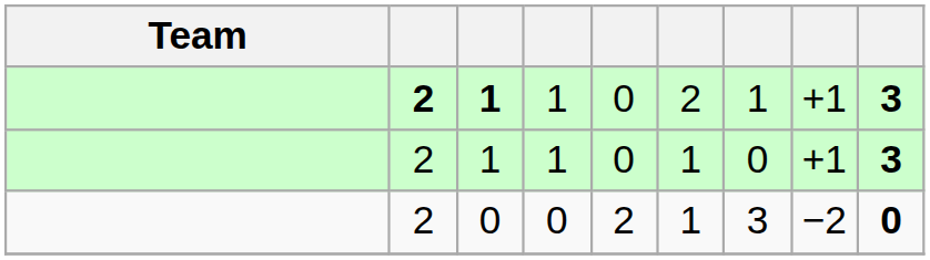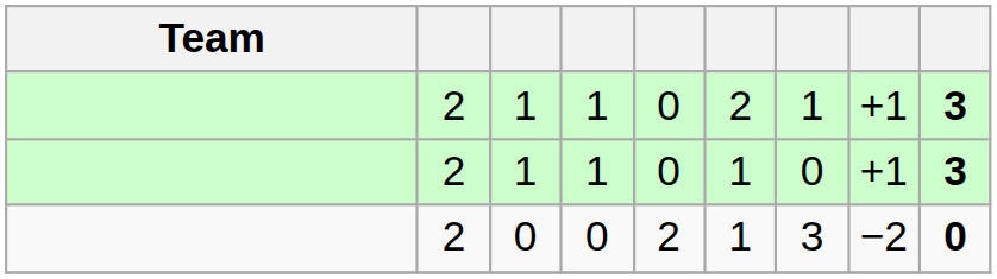 <table class="wikitable" style="text-align:center;">
 <tr>
 <th width=150>Team</th>
 <th width=20></th>
 <th width=20></th>
 <th width=20></th>
 <th width=20></th>
 <th width=20></th>
 <th width=20></th>
 <th width=20></th>
 <th width=20></th>
 </tr>
 <tr bgcolor="#ccffcc">
 <td align=left></td>
-<td><strong>2</strong></td>
-<td><strong>1</strong></td>
+<td>2</td>
+<td>1</td>
 <td>1</td>
 <td>0</td>
 <td>2</td>
 <td>1</td>
 <td>+1</td>
 <td><strong>3</strong></td>
 </tr>
 <tr bgcolor="#ccffcc">
 <td align=left></td>
 <td>2</td>
 <td>1</td>
 <td>1</td>
 <td>0</td>
 <td>1</td>
 <td>0</td>
 <td>+1</td>
 <td><strong>3</strong></td>
 </tr>
 <tr>
 <td align=left></td>
 <td>2</td>
 <td>0</td>
 <td>0</td>
 <td>2</td>
 <td>1</td>
 <td>3</td>
 <td>−2</td>
 <td><strong>0</strong></td>
 </tr>
 <tr>
 </tr>
 </table>
